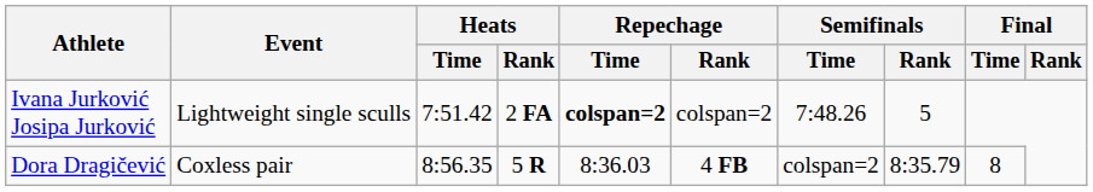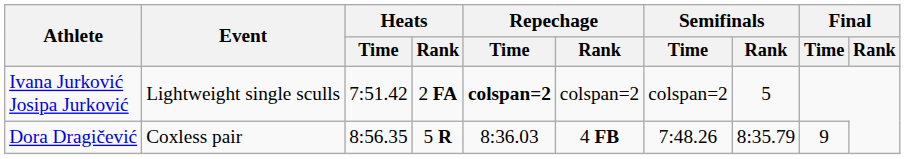 <table class="wikitable" style="font-size:90%">
 <tr>
 <th rowspan="2">Athlete</th>
 <th rowspan="2">Event</th>
 <th colspan="2">Heats</th>
 <th colspan="2">Repechage</th>
 <th colspan="2">Semifinals</th>
 <th colspan="2">Final</th>
 </tr>
 <tr style="font-size:95%">
 <th>Time</th>
 <th>Rank</th>
 <th>Time</th>
 <th>Rank</th>
 <th>Time</th>
 <th>Rank</th>
 <th>Time</th>
 <th>Rank</th>
 </tr>
 <tr align=center>
 <td align=left><a href='#'>Ivana Jurković</a><br><a href='#'>Josipa Jurković</a></td>
 <td align=left>Lightweight single sculls</td>
 <td>7:51.42</td>
 <td>2 <strong>FA</strong></td>
 <td><strong>colspan=2</strong></td>
 <td>colspan=2</td>
-<td>7:48.26</td>
+<td>colspan=2</td>
 <td>5</td>
 </tr>
 <tr align=center>
 <td align=left><a href='#'>Dora Dragičević</a></td>
 <td align=left>Coxless pair</td>
 <td>8:56.35</td>
 <td>5 <strong>R</strong></td>
 <td>8:36.03</td>
 <td>4 <strong>FB</strong></td>
-<td>colspan=2</td>
+<td>7:48.26</td>
 <td>8:35.79</td>
-<td>8</td>
+<td>9</td>
 </tr>
 </table>
